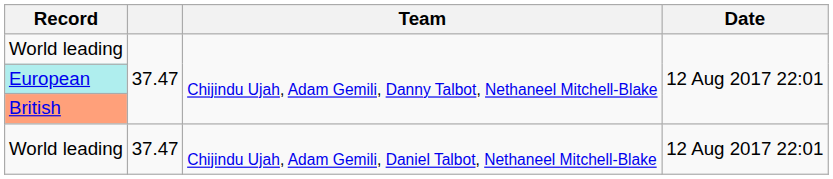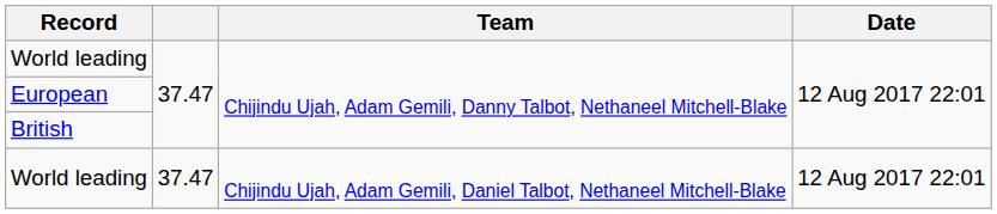 <table class="wikitable">
 <tr>
 <th>Record</th>
 <th></th>
 <th>Team</th>
 <th>Date</th>
 </tr>
 <tr>
 <td>World leading</td>
 <td rowspan=3 align=right>37.47</td>
 <td rowspan=3><br><small><a href='#'>Chijindu Ujah</a>, <a href='#'>Adam Gemili</a>, <a href='#'>Danny Talbot</a>, <a href='#'>Nethaneel Mitchell-Blake</a></small></td>
 <td rowspan=3 align=right>12 Aug 2017 22:01</td>
 </tr>
 <tr>
-<td style="background: paleturquoise;"><a href='#'>European</a></td>
+<td><a href='#'>European</a></td>
 </tr>
 <tr>
-<td style="background: lightsalmon;"><a href='#'>British</a></td>
+<td><a href='#'>British</a></td>
 </tr>
 <tr>
 <td>World leading</td>
 <td align=right>37.47</td>
 <td><br><small><a href='#'>Chijindu Ujah</a>, <a href='#'>Adam Gemili</a>, <a href='#'>Daniel Talbot</a>, <a href='#'>Nethaneel Mitchell-Blake</a></small></td>
 <td align=right>12 Aug 2017 22:01</td>
 </tr>
 </table>
